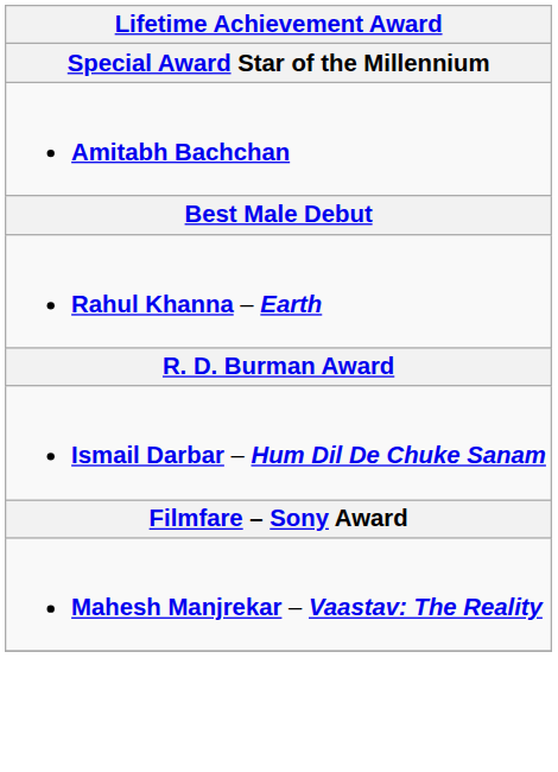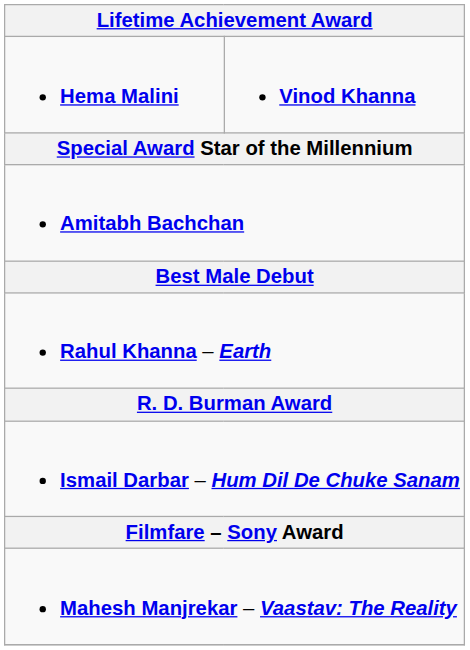 <table class="wikitable">
 <tr>
 <th colspan="2"><a href='#'>Lifetime Achievement Award</a></th>
+</tr>
+<tr>
+<td><br><ul><li><strong><a href='#'>Hema Malini</a></strong></li></ul></td>
+<td><br><ul><li><strong><a href='#'>Vinod Khanna</a></strong></li></ul></td>
 </tr>
 <tr>
 <th colspan="2"><a href='#'>Special Award</a> Star of the Millennium</th>
 </tr>
 <tr>
 <td colspan="2"><br><ul><li><strong><a href='#'>Amitabh Bachchan</a></strong></li></ul></td>
 </tr>
 <tr>
 <th colspan="2"><a href='#'>Best Male Debut</a></th>
 </tr>
 <tr>
 <td colspan="2"><br><ul><li><strong><a href='#'>Rahul Khanna</a></strong> – <strong><em><a href='#'>Earth</a></em></strong></li></ul></td>
 </tr>
 <tr>
 <th colspan="2"><a href='#'>R. D. Burman Award</a></th>
 </tr>
 <tr>
 <td colspan="2"><br><ul><li><strong><a href='#'>Ismail Darbar</a></strong> – <strong><em><a href='#'>Hum Dil De Chuke Sanam</a></em></strong></li></ul></td>
 </tr>
 <tr>
 <th colspan="2"><a href='#'>Filmfare</a> – <a href='#'>Sony</a> Award</th>
 </tr>
 <tr>
 <td colspan="2"><br><ul><li><strong><a href='#'>Mahesh Manjrekar</a></strong> – <strong><em><a href='#'>Vaastav: The Reality</a></em></strong></li></ul></td>
 </tr>
 <tr>
 </tr>
 </table>
